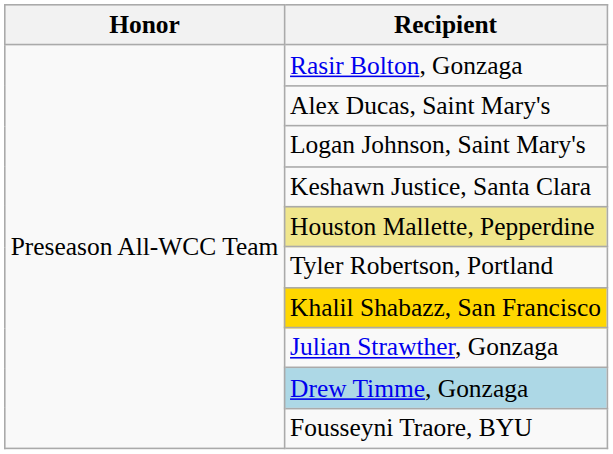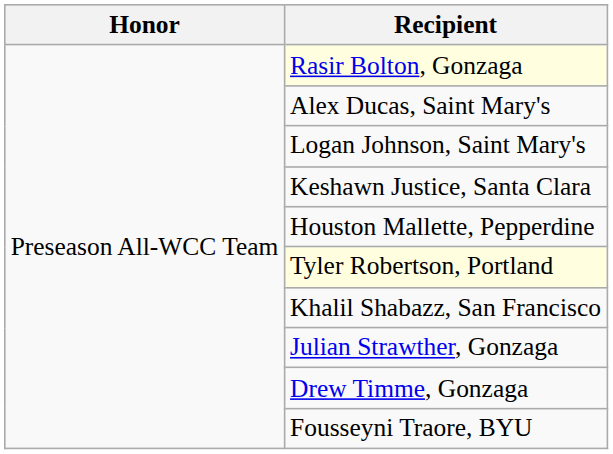 <table class="wikitable">
 <tr>
 <th>Honor</th>
 <th>Recipient</th>
 </tr>
 <tr>
 <td rowspan="10">Preseason All-WCC Team</td>
-<td><a href='#'>Rasir Bolton</a>, Gonzaga</td>
+<td style="background: lightyellow;"><a href='#'>Rasir Bolton</a>, Gonzaga</td>
 </tr>
 <tr>
 <td>Alex Ducas, Saint Mary's</td>
 </tr>
 <tr>
 <td>Logan Johnson, Saint Mary's</td>
 </tr>
 <tr>
 <td>Keshawn Justice, Santa Clara</td>
 </tr>
 <tr>
-<td style="background: khaki;">Houston Mallette, Pepperdine</td>
+<td>Houston Mallette, Pepperdine</td>
 </tr>
 <tr>
-<td>Tyler Robertson, Portland</td>
+<td style="background: lightyellow;">Tyler Robertson, Portland</td>
 </tr>
 <tr>
-<td style="background: gold;">Khalil Shabazz, San Francisco</td>
+<td>Khalil Shabazz, San Francisco</td>
 </tr>
 <tr>
 <td><a href='#'>Julian Strawther</a>, Gonzaga</td>
 </tr>
 <tr>
-<td style="background: lightblue;"><a href='#'>Drew Timme</a>, Gonzaga</td>
+<td><a href='#'>Drew Timme</a>, Gonzaga</td>
 </tr>
 <tr>
 <td>Fousseyni Traore, BYU</td>
 </tr>
 </table>
